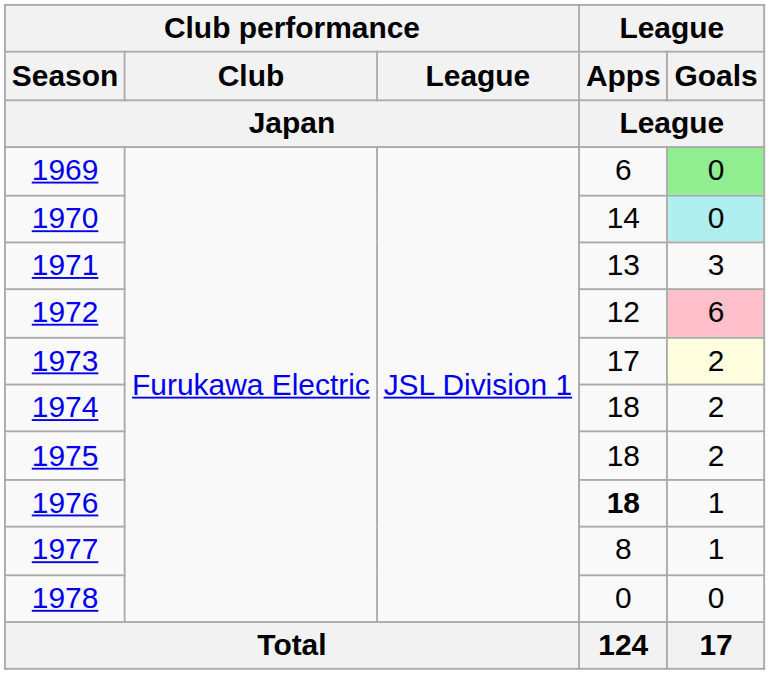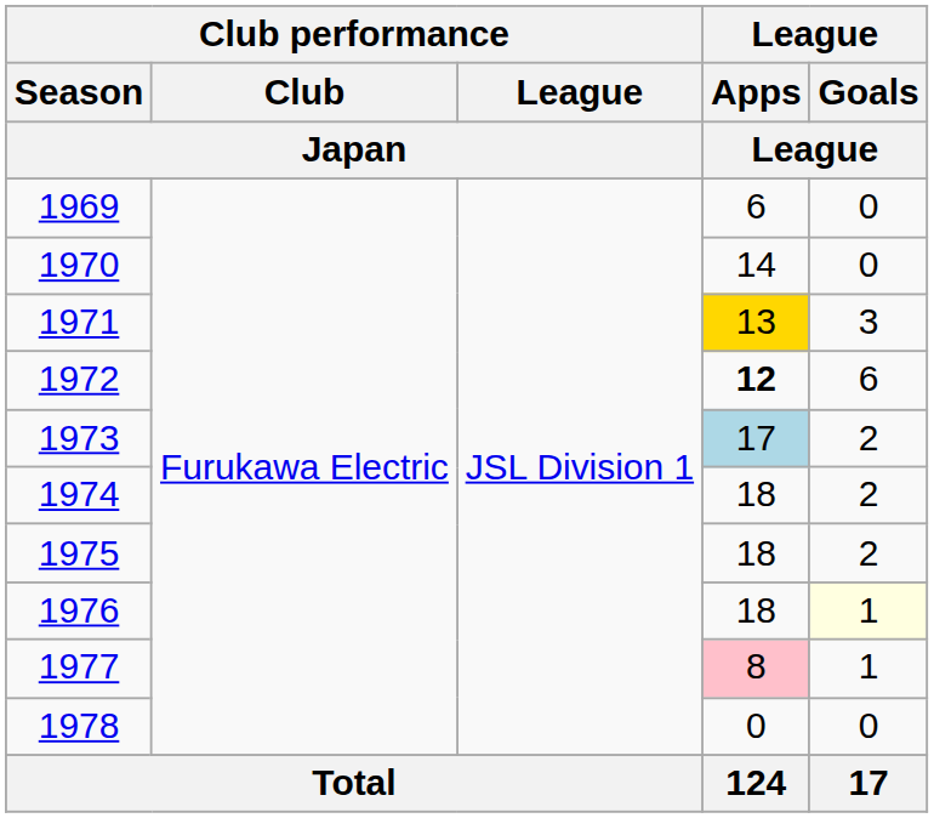 <table class="wikitable" style="text-align:center;">
 <tr>
 <th colspan=3>Club performance</th>
 <th colspan=2>League</th>
 </tr>
 <tr>
 <th>Season</th>
 <th>Club</th>
 <th>League</th>
 <th>Apps</th>
 <th>Goals</th>
 </tr>
 <tr>
 <th colspan=3>Japan</th>
 <th colspan=2>League</th>
 </tr>
 <tr>
 <td><a href='#'>1969</a></td>
 <td rowspan="10"><a href='#'>Furukawa Electric</a></td>
 <td rowspan="10"><a href='#'>JSL Division 1</a></td>
 <td>6</td>
-<td style="background: lightgreen;">0</td>
+<td>0</td>
 </tr>
 <tr>
 <td><a href='#'>1970</a></td>
 <td>14</td>
-<td style="background: paleturquoise;">0</td>
+<td>0</td>
 </tr>
 <tr>
 <td><a href='#'>1971</a></td>
-<td>13</td>
+<td style="background: gold;">13</td>
 <td>3</td>
 </tr>
 <tr>
 <td><a href='#'>1972</a></td>
-<td>12</td>
-<td style="background: pink;">6</td>
+<td><strong>12</strong></td>
+<td>6</td>
 </tr>
 <tr>
 <td><a href='#'>1973</a></td>
-<td>17</td>
-<td style="background: lightyellow;">2</td>
+<td style="background: lightblue;">17</td>
+<td>2</td>
 </tr>
 <tr>
 <td><a href='#'>1974</a></td>
 <td>18</td>
 <td>2</td>
 </tr>
 <tr>
 <td><a href='#'>1975</a></td>
 <td>18</td>
 <td>2</td>
 </tr>
 <tr>
 <td><a href='#'>1976</a></td>
-<td><strong>18</strong></td>
-<td>1</td>
+<td>18</td>
+<td style="background: lightyellow;">1</td>
 </tr>
 <tr>
 <td><a href='#'>1977</a></td>
-<td>8</td>
+<td style="background: pink;">8</td>
 <td>1</td>
 </tr>
 <tr>
 <td><a href='#'>1978</a></td>
 <td>0</td>
 <td>0</td>
 </tr>
 <tr>
 <th colspan=3>Total</th>
 <th>124</th>
 <th>17</th>
 </tr>
 </table>
